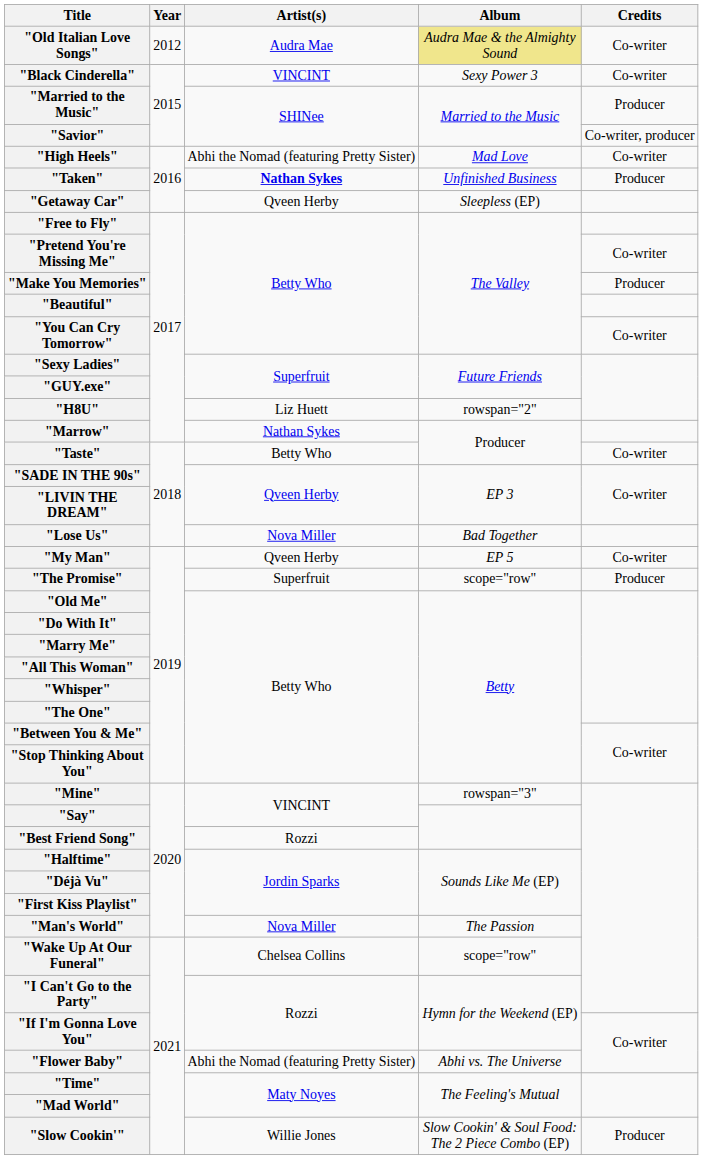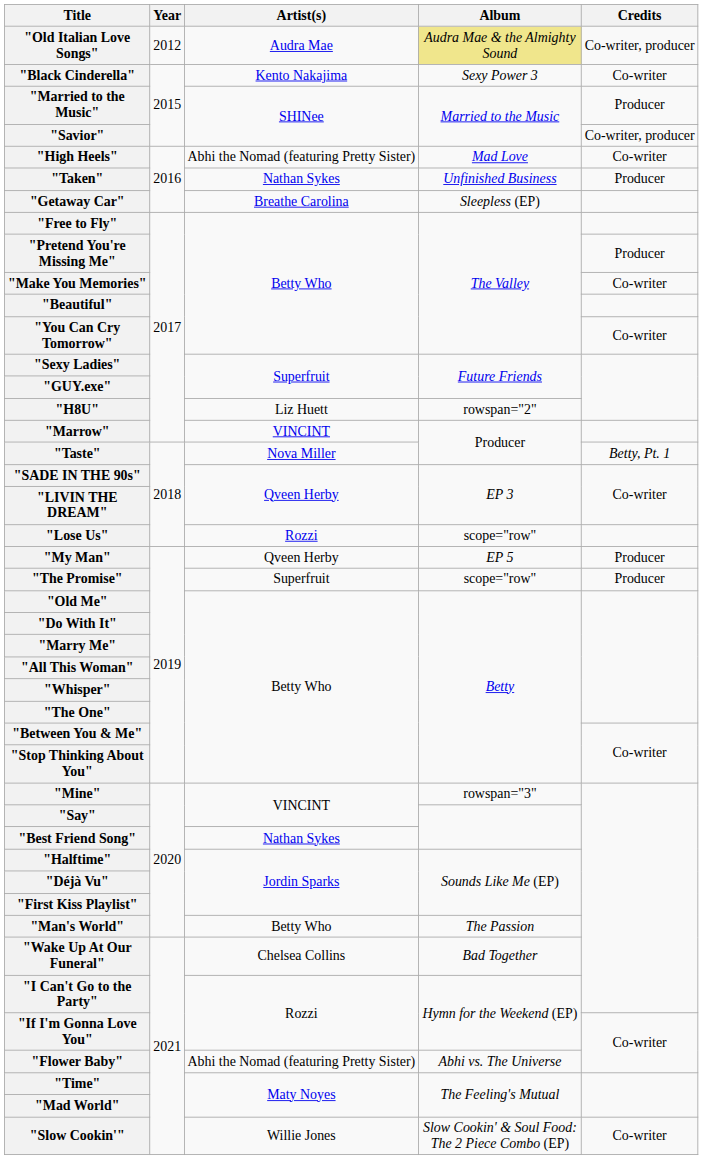 <table class="wikitable plainrowheaders" style="text-align:center;">
 <tr>
 <th scope="col" style="width:160px;">Title</th>
 <th scope="col">Year</th>
 <th scope="col">Artist(s)</th>
 <th scope="col" style="width:180px;">Album</th>
 <th scope="col">Credits</th>
 </tr>
 <tr>
 <th scope="row">"Old Italian Love Songs"</th>
 <td>2012</td>
 <td><a href='#'>Audra Mae</a></td>
 <td style="background: khaki;"><em>Audra Mae & the Almighty Sound</em></td>
-<td>Co-writer</td>
+<td>Co-writer, producer</td>
 </tr>
 <tr>
 <th scope="row">"Black Cinderella"</th>
 <td rowspan="3">2015</td>
-<td><a href='#'>VINCINT</a></td>
+<td><a href='#'>Kento Nakajima</a></td>
 <td><em>Sexy Power 3</em></td>
 <td>Co-writer</td>
 </tr>
 <tr>
 <th scope="row">"Married to the Music"</th>
 <td rowspan="2"><a href='#'>SHINee</a></td>
 <td rowspan="2"><em><a href='#'>Married to the Music</a></em></td>
 <td>Producer</td>
 </tr>
 <tr>
 <th scope="row">"Savior"</th>
 <td>Co-writer, producer</td>
 </tr>
 <tr>
 <th scope="row">"High Heels"</th>
 <td rowspan="3">2016</td>
 <td scope="row">Abhi the Nomad (featuring Pretty Sister)</td>
 <td><em><a href='#'>Mad Love</a></em></td>
 <td>Co-writer</td>
 </tr>
 <tr>
 <th scope="row">"Taken"</th>
-<td><strong><a href='#'>Nathan Sykes</a></strong></td>
+<td><a href='#'>Nathan Sykes</a></td>
 <td><em><a href='#'>Unfinished Business</a></em></td>
 <td>Producer</td>
 </tr>
 <tr>
 <th scope="row">"Getaway Car" </th>
-<td scope="row">Qveen Herby</td>
+<td><a href='#'>Breathe Carolina</a></td>
 <td><em>Sleepless</em> (EP)</td>
 <td></td>
 </tr>
 <tr>
 <th scope="row">"Free to Fly"<br></th>
 <td rowspan="9">2017</td>
 <td rowspan="5"><a href='#'>Betty Who</a></td>
 <td rowspan="5"><em><a href='#'>The Valley</a></em></td>
 <td></td>
 </tr>
 <tr>
 <th scope="row">"Pretend You're Missing Me"</th>
-<td>Co-writer</td>
+<td>Producer</td>
 </tr>
 <tr>
 <th scope="row">"Make You Memories"</th>
-<td>Producer</td>
+<td>Co-writer</td>
 </tr>
 <tr>
 <th scope="row">"Beautiful"<br></th>
 <td></td>
 </tr>
 <tr>
 <th scope="row">"You Can Cry Tomorrow"</th>
 <td>Co-writer</td>
 </tr>
 <tr>
 <th scope="row">"Sexy Ladies"</th>
 <td rowspan="2"><a href='#'>Superfruit</a></td>
 <td rowspan="2"><em><a href='#'>Future Friends</a></em></td>
 <td rowspan="3"></td>
 </tr>
 <tr>
 <th scope="row">"GUY.exe"</th>
 </tr>
 <tr>
 <th scope="row">"H8U"</th>
 <td>Liz Huett</td>
 <td>rowspan="2" </td>
 </tr>
 <tr>
 <th scope="row">"Marrow"</th>
-<td><a href='#'>Nathan Sykes</a></td>
+<td><a href='#'>VINCINT</a></td>
 <td rowspan="2">Producer</td>
 </tr>
 <tr>
 <th scope="row">"Taste"</th>
 <td rowspan="4">2018</td>
-<td>Betty Who</td>
-<td>Co-writer</td>
+<td scope="row"><a href='#'>Nova Miller</a></td>
+<td scope="row"><em>Betty, Pt. 1</em></td>
 </tr>
 <tr>
 <th scope="row">"SADE IN THE 90s"</th>
 <td rowspan="2"><a href='#'>Qveen Herby</a></td>
 <td rowspan="2"><em>EP 3</em></td>
 <td rowspan="2">Co-writer</td>
 </tr>
 <tr>
 <th scope="row">"LIVIN THE DREAM"</th>
 </tr>
 <tr>
 <th scope="row">"Lose Us" </th>
-<td scope="row"><a href='#'>Nova Miller</a></td>
-<td><em>Bad Together</em></td>
+<td><a href='#'>Rozzi</a></td>
+<td>scope="row" </td>
 <td scope="row"></td>
 </tr>
 <tr>
 <th scope="row">"My Man"</th>
 <td rowspan="10">2019</td>
 <td scope="row">Qveen Herby</td>
 <td scope="row"><em>EP 5</em></td>
-<td>Co-writer</td>
+<td>Producer</td>
 </tr>
 <tr>
 <th scope="row">"The Promise"</th>
 <td scope="row">Superfruit</td>
 <td>scope="row" </td>
 <td>Producer</td>
 </tr>
 <tr>
 <th scope="row">"Old Me"</th>
 <td rowspan="8">Betty Who</td>
 <td rowspan="8"><em><a href='#'>Betty</a></em></td>
 <td rowspan="6"></td>
 </tr>
 <tr>
 <th scope="row">"Do With It"</th>
 </tr>
 <tr>
 <th scope="row">"Marry Me"</th>
 </tr>
 <tr>
 <th scope="row">"All This Woman"</th>
 </tr>
 <tr>
 <th scope="row">"Whisper"</th>
 </tr>
 <tr>
 <th scope="row">"The One"</th>
 </tr>
 <tr>
 <th scope="row">"Between You & Me"</th>
 <td rowspan="2">Co-writer</td>
 </tr>
 <tr>
 <th scope="row">"Stop Thinking About You"</th>
 </tr>
 <tr>
 <th scope="row">"Mine"</th>
 <td rowspan="7">2020</td>
 <td rowspan="2">VINCINT</td>
 <td>rowspan="3" </td>
 <td rowspan="9"></td>
 </tr>
 <tr>
 <th scope="row">"Say"</th>
 </tr>
 <tr>
 <th scope="row">"Best Friend Song"</th>
-<td>Rozzi</td>
+<td><a href='#'>Nathan Sykes</a></td>
 </tr>
 <tr>
 <th scope="row">"Halftime"</th>
 <td rowspan="3"><a href='#'>Jordin Sparks</a></td>
 <td rowspan="3"><em>Sounds Like Me</em> (EP)</td>
 </tr>
 <tr>
 <th scope="row">"Déjà Vu"</th>
 </tr>
 <tr>
 <th scope="row">"First Kiss Playlist"</th>
 </tr>
 <tr>
 <th scope="row">"Man's World"</th>
-<td scope="row"><a href='#'>Nova Miller</a></td>
+<td>Betty Who</td>
 <td scope="row"><em>The Passion</em></td>
 </tr>
 <tr>
 <th scope="row">"Wake Up At Our Funeral"</th>
 <td rowspan="7">2021</td>
 <td scope="row">Chelsea Collins</td>
-<td>scope="row" </td>
+<td><em>Bad Together</em></td>
 </tr>
 <tr>
 <th scope="row">"I Can't Go to the Party"</th>
 <td rowspan="2">Rozzi</td>
 <td rowspan="2"><em>Hymn for the Weekend</em> (EP)</td>
 </tr>
 <tr>
 <th scope="row">"If I'm Gonna Love You"</th>
 <td rowspan="2">Co-writer</td>
 </tr>
 <tr>
 <th scope="row">"Flower Baby"</th>
 <td scope="row">Abhi the Nomad (featuring Pretty Sister)</td>
 <td scope="row"><em>Abhi vs. The Universe</em></td>
 </tr>
 <tr>
 <th scope="row">"Time"</th>
 <td rowspan="2"><a href='#'>Maty Noyes</a></td>
 <td rowspan="2"><em>The Feeling's Mutual</em></td>
 <td rowspan="2"></td>
 </tr>
 <tr>
 <th scope="row">"Mad World"</th>
 </tr>
 <tr>
 <th scope="row">"Slow Cookin'"</th>
 <td scope="row">Willie Jones</td>
 <td scope="row"><em>Slow Cookin' & Soul Food: The 2 Piece Combo</em> (EP)</td>
-<td>Producer</td>
+<td scope="row">Co-writer</td>
 </tr>
 </table>
